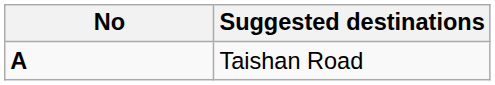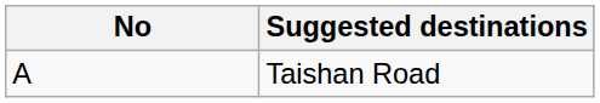 <table class="wikitable" style="margin-bottom: 10px;">
 <tr>
 <th width="135px">No</th>
 <th>Suggested destinations</th>
 </tr>
 <tr>
-<td><strong>A</strong></td>
+<td>A</td>
 <td>Taishan Road</td>
 </tr>
 </table>
